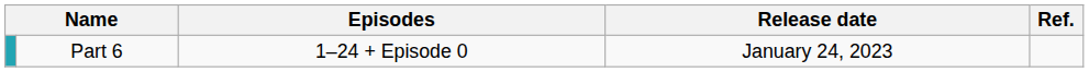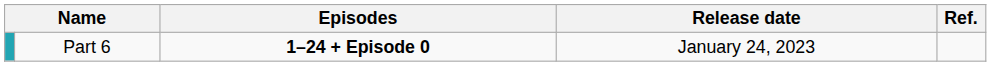 <table class="wikitable" style="text-align: center; width: 70%;">
 <tr>
 <th colspan="2">Name</th>
 <th>Episodes</th>
 <th>Release date</th>
 <th width="5%">Ref.</th>
 </tr>
 <tr>
 <td rowspan="1" width="1%" style="background: #22A5B3;"></td>
 <td>Part 6</td>
-<td>1–24 + Episode 0</td>
+<td><strong>1–24 + Episode 0</strong></td>
 <td>January 24, 2023</td>
 <td></td>
 </tr>
 </table>
